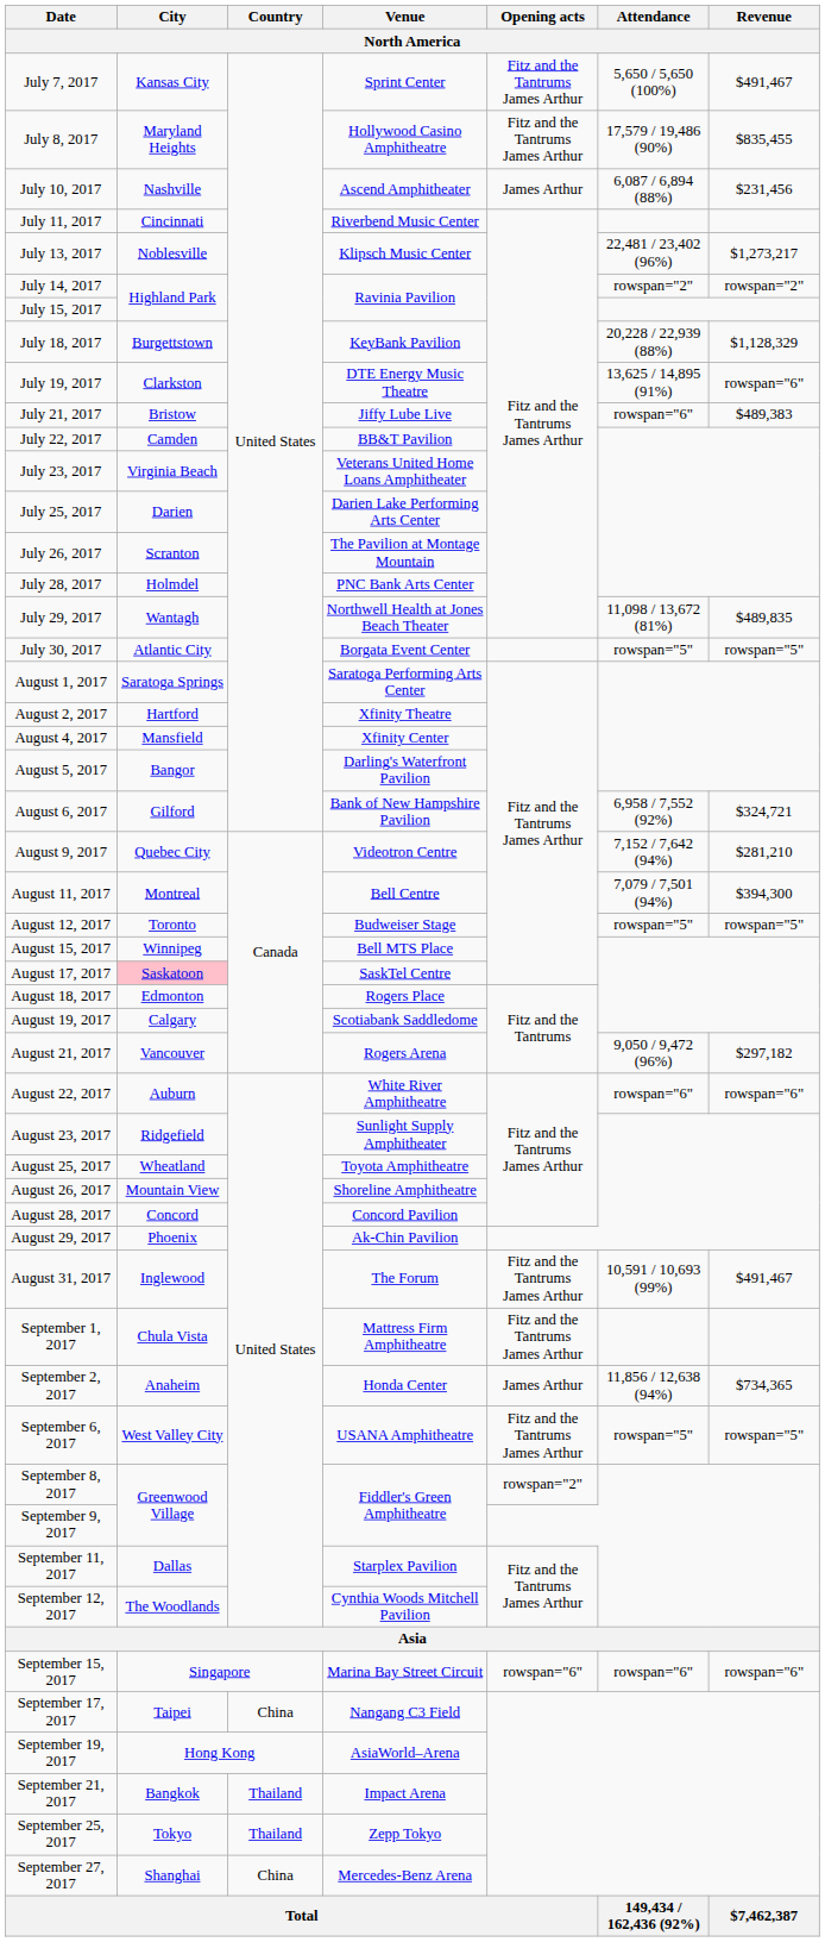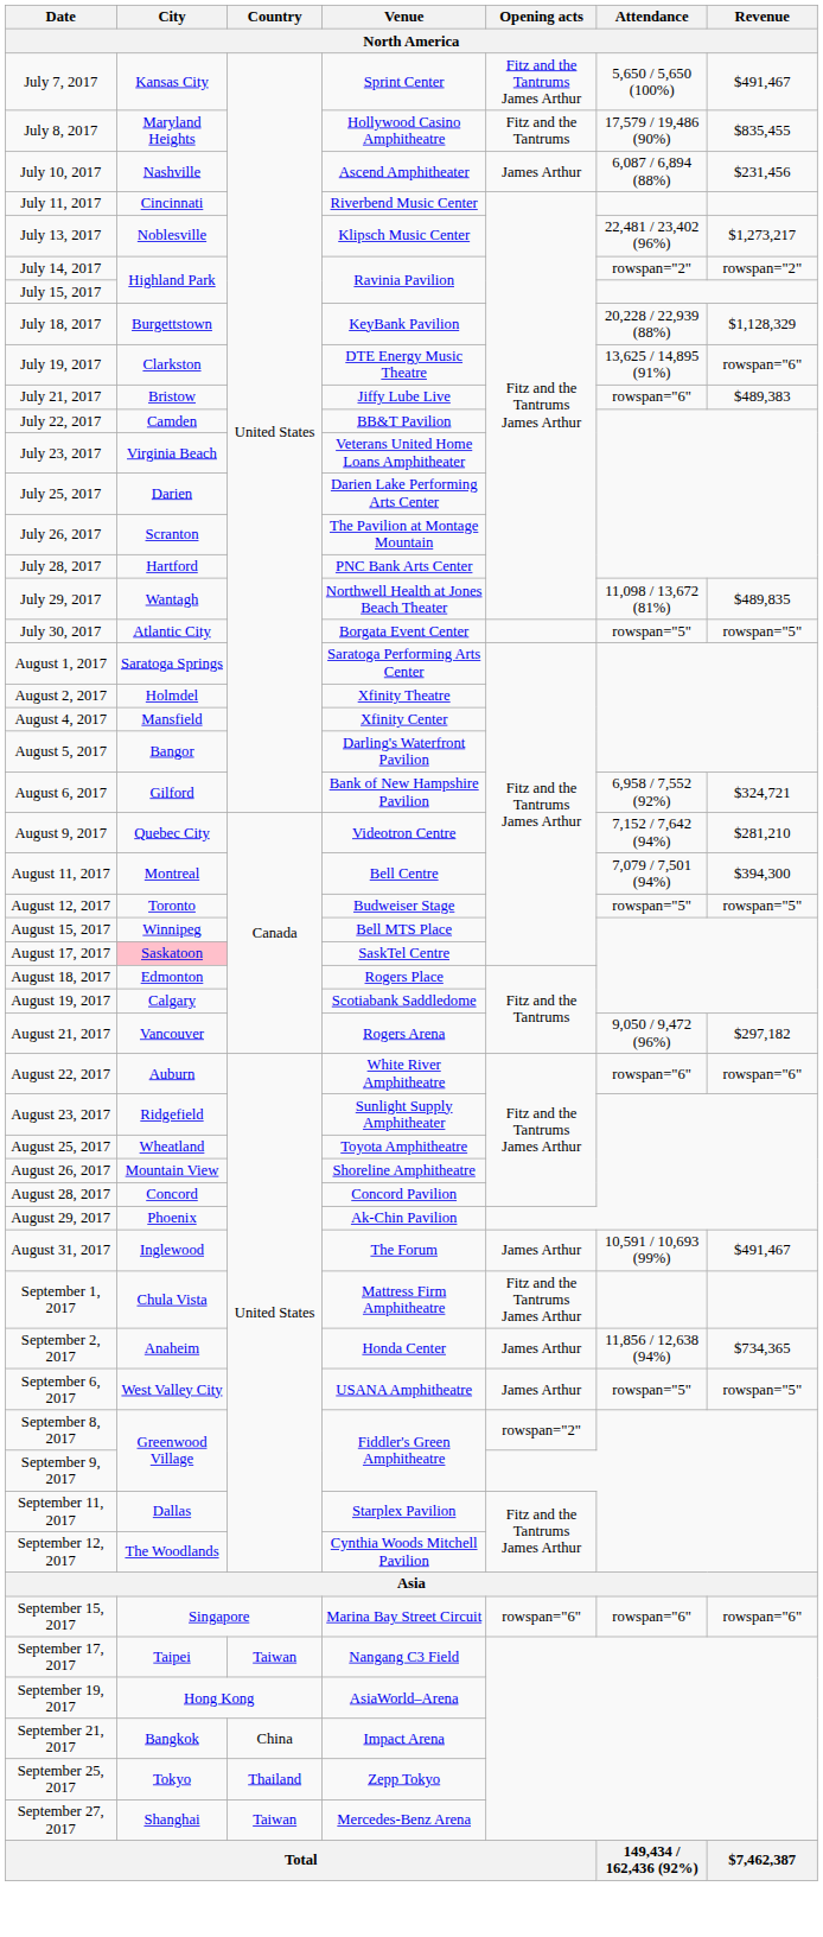 <table class="wikitable" style="text-align:center;">
 <tr>
 <th scope="col" style="width:12em;">Date</th>
 <th scope="col" style="width:10em;">City</th>
 <th scope="col" style="width:10em;">Country</th>
 <th scope="col" style="width:20em;">Venue</th>
 <th scope="col" style="width:10em;">Opening acts</th>
 <th scope="col" style="width:10em;">Attendance</th>
 <th scope="col" style="width:10em;">Revenue</th>
 </tr>
 <tr>
 <th colspan="7">North America</th>
 </tr>
 <tr>
 <td>July 7, 2017</td>
 <td><a href='#'>Kansas City</a></td>
 <td rowspan="22">United States</td>
 <td><a href='#'>Sprint Center</a></td>
 <td><a href='#'>Fitz and the Tantrums</a><br>James Arthur</td>
 <td>5,650 / 5,650 (100%)</td>
 <td>$491,467</td>
 </tr>
 <tr>
 <td>July 8, 2017</td>
 <td><a href='#'>Maryland Heights</a></td>
 <td><a href='#'>Hollywood Casino Amphitheatre</a></td>
-<td>Fitz and the Tantrums<br>James Arthur</td>
+<td>Fitz and the Tantrums</td>
 <td>17,579 / 19,486 (90%)</td>
 <td>$835,455</td>
 </tr>
 <tr>
 <td>July 10, 2017</td>
 <td><a href='#'>Nashville</a></td>
 <td><a href='#'>Ascend Amphitheater</a></td>
 <td>James Arthur</td>
 <td>6,087 / 6,894 (88%)</td>
 <td>$231,456</td>
 </tr>
 <tr>
 <td>July 11, 2017</td>
 <td><a href='#'>Cincinnati</a></td>
 <td><a href='#'>Riverbend Music Center</a></td>
 <td rowspan="13">Fitz and the Tantrums<br>James Arthur</td>
 <td></td>
 <td></td>
 </tr>
 <tr>
 <td>July 13, 2017</td>
 <td><a href='#'>Noblesville</a></td>
 <td><a href='#'>Klipsch Music Center</a></td>
 <td>22,481 / 23,402 (96%)</td>
 <td>$1,273,217</td>
 </tr>
 <tr>
 <td>July 14, 2017</td>
 <td rowspan="2"><a href='#'>Highland Park</a></td>
 <td rowspan="2"><a href='#'>Ravinia Pavilion</a></td>
 <td>rowspan="2" </td>
 <td>rowspan="2" </td>
 </tr>
 <tr>
 <td>July 15, 2017</td>
 </tr>
 <tr>
 <td>July 18, 2017</td>
 <td><a href='#'>Burgettstown</a></td>
 <td><a href='#'>KeyBank Pavilion</a></td>
 <td>20,228 / 22,939 (88%)</td>
 <td>$1,128,329</td>
 </tr>
 <tr>
 <td>July 19, 2017</td>
 <td><a href='#'>Clarkston</a></td>
 <td><a href='#'>DTE Energy Music Theatre</a></td>
 <td>13,625 / 14,895 (91%)</td>
 <td>rowspan="6" </td>
 </tr>
 <tr>
 <td>July 21, 2017</td>
 <td><a href='#'>Bristow</a></td>
 <td><a href='#'>Jiffy Lube Live</a></td>
 <td>rowspan="6" </td>
 <td>$489,383</td>
 </tr>
 <tr>
 <td>July 22, 2017</td>
 <td><a href='#'>Camden</a></td>
 <td><a href='#'>BB&T Pavilion</a></td>
 </tr>
 <tr>
 <td>July 23, 2017</td>
 <td><a href='#'>Virginia Beach</a></td>
 <td><a href='#'>Veterans United Home Loans Amphitheater</a></td>
 </tr>
 <tr>
 <td>July 25, 2017</td>
 <td><a href='#'>Darien</a></td>
 <td><a href='#'>Darien Lake Performing Arts Center</a></td>
 </tr>
 <tr>
 <td>July 26, 2017</td>
 <td><a href='#'>Scranton</a></td>
 <td><a href='#'>The Pavilion at Montage Mountain</a></td>
 </tr>
 <tr>
 <td>July 28, 2017</td>
-<td><a href='#'>Holmdel</a></td>
+<td><a href='#'>Hartford</a></td>
 <td><a href='#'>PNC Bank Arts Center</a></td>
 </tr>
 <tr>
 <td>July 29, 2017</td>
 <td><a href='#'>Wantagh</a></td>
 <td><a href='#'>Northwell Health at Jones Beach Theater</a></td>
 <td>11,098 / 13,672 (81%)</td>
 <td>$489,835</td>
 </tr>
 <tr>
 <td>July 30, 2017</td>
 <td><a href='#'>Atlantic City</a></td>
 <td><a href='#'>Borgata Event Center</a></td>
 <td></td>
 <td>rowspan="5" </td>
 <td>rowspan="5" </td>
 </tr>
 <tr>
 <td>August 1, 2017</td>
 <td><a href='#'>Saratoga Springs</a></td>
 <td><a href='#'>Saratoga Performing Arts Center</a></td>
 <td rowspan="10">Fitz and the Tantrums<br>James Arthur</td>
 </tr>
 <tr>
 <td>August 2, 2017</td>
-<td><a href='#'>Hartford</a></td>
+<td><a href='#'>Holmdel</a></td>
 <td><a href='#'>Xfinity Theatre</a></td>
 </tr>
 <tr>
 <td>August 4, 2017</td>
 <td><a href='#'>Mansfield</a></td>
 <td><a href='#'>Xfinity Center</a></td>
 </tr>
 <tr>
 <td>August 5, 2017</td>
 <td><a href='#'>Bangor</a></td>
 <td><a href='#'>Darling's Waterfront Pavilion</a></td>
 </tr>
 <tr>
 <td>August 6, 2017</td>
 <td><a href='#'>Gilford</a></td>
 <td><a href='#'>Bank of New Hampshire Pavilion</a></td>
 <td>6,958 / 7,552 (92%)</td>
 <td>$324,721</td>
 </tr>
 <tr>
 <td>August 9, 2017</td>
 <td><a href='#'>Quebec City</a></td>
 <td rowspan="8">Canada</td>
 <td><a href='#'>Videotron Centre</a></td>
 <td>7,152 / 7,642 (94%)</td>
 <td>$281,210</td>
 </tr>
 <tr>
 <td>August 11, 2017</td>
 <td><a href='#'>Montreal</a></td>
 <td><a href='#'>Bell Centre</a></td>
 <td>7,079 / 7,501	(94%)</td>
 <td>$394,300</td>
 </tr>
 <tr>
 <td>August 12, 2017</td>
 <td><a href='#'>Toronto</a></td>
 <td><a href='#'>Budweiser Stage</a></td>
 <td>rowspan="5" </td>
 <td>rowspan="5" </td>
 </tr>
 <tr>
 <td>August 15, 2017</td>
 <td><a href='#'>Winnipeg</a></td>
 <td><a href='#'>Bell MTS Place</a></td>
 </tr>
 <tr>
 <td>August 17, 2017</td>
 <td style="background: pink;"><a href='#'>Saskatoon</a></td>
 <td><a href='#'>SaskTel Centre</a></td>
 </tr>
 <tr>
 <td>August 18, 2017</td>
 <td><a href='#'>Edmonton</a></td>
 <td><a href='#'>Rogers Place</a></td>
 <td rowspan="3">Fitz and the Tantrums</td>
 </tr>
 <tr>
 <td>August 19, 2017</td>
 <td><a href='#'>Calgary</a></td>
 <td><a href='#'>Scotiabank Saddledome</a></td>
 </tr>
 <tr>
 <td>August 21, 2017</td>
 <td><a href='#'>Vancouver</a></td>
 <td><a href='#'>Rogers Arena</a></td>
 <td>9,050 / 9,472 (96%)</td>
 <td>$297,182</td>
 </tr>
 <tr>
 <td>August 22, 2017</td>
 <td><a href='#'>Auburn</a></td>
 <td rowspan="14">United States</td>
 <td><a href='#'>White River Amphitheatre</a></td>
 <td rowspan="5">Fitz and the Tantrums<br>James Arthur</td>
 <td>rowspan="6" </td>
 <td>rowspan="6" </td>
 </tr>
 <tr>
 <td>August 23, 2017</td>
 <td><a href='#'>Ridgefield</a></td>
 <td><a href='#'>Sunlight Supply Amphitheater</a></td>
 </tr>
 <tr>
 <td>August 25, 2017</td>
 <td><a href='#'>Wheatland</a></td>
 <td><a href='#'>Toyota Amphitheatre</a></td>
 </tr>
 <tr>
 <td>August 26, 2017</td>
 <td><a href='#'>Mountain View</a></td>
 <td><a href='#'>Shoreline Amphitheatre</a></td>
 </tr>
 <tr>
 <td>August 28, 2017</td>
 <td><a href='#'>Concord</a></td>
 <td><a href='#'>Concord Pavilion</a></td>
 </tr>
 <tr>
 <td>August 29, 2017</td>
 <td><a href='#'>Phoenix</a></td>
 <td><a href='#'>Ak-Chin Pavilion</a></td>
 </tr>
 <tr>
 <td>August 31, 2017</td>
 <td><a href='#'>Inglewood</a></td>
 <td><a href='#'>The Forum</a></td>
-<td>Fitz and the Tantrums<br>James Arthur</td>
+<td>James Arthur</td>
 <td>10,591 / 10,693 (99%)</td>
 <td>$491,467</td>
 </tr>
 <tr>
 <td>September 1, 2017</td>
 <td><a href='#'>Chula Vista</a></td>
 <td><a href='#'>Mattress Firm Amphitheatre</a></td>
 <td>Fitz and the Tantrums<br>James Arthur</td>
 <td></td>
 <td></td>
 </tr>
 <tr>
 <td>September 2, 2017</td>
 <td><a href='#'>Anaheim</a></td>
 <td><a href='#'>Honda Center</a></td>
 <td>James Arthur</td>
 <td>11,856 / 12,638 (94%)</td>
 <td>$734,365</td>
 </tr>
 <tr>
 <td>September 6, 2017</td>
 <td><a href='#'>West Valley City</a></td>
 <td><a href='#'>USANA Amphitheatre</a></td>
-<td>Fitz and the Tantrums<br>James Arthur</td>
+<td>James Arthur</td>
 <td>rowspan="5" </td>
 <td>rowspan="5" </td>
 </tr>
 <tr>
 <td>September 8, 2017</td>
 <td rowspan="2"><a href='#'>Greenwood Village</a></td>
 <td rowspan="2"><a href='#'>Fiddler's Green Amphitheatre</a></td>
 <td>rowspan="2" </td>
 </tr>
 <tr>
 <td>September 9, 2017</td>
 </tr>
 <tr>
 <td>September 11, 2017</td>
 <td><a href='#'>Dallas</a></td>
 <td><a href='#'>Starplex Pavilion</a></td>
 <td rowspan="2">Fitz and the Tantrums<br>James Arthur</td>
 </tr>
 <tr>
 <td>September 12, 2017</td>
 <td><a href='#'>The Woodlands</a></td>
 <td><a href='#'>Cynthia Woods Mitchell Pavilion</a></td>
 </tr>
 <tr>
 <th colspan="7">Asia</th>
 </tr>
 <tr>
 <td>September 15, 2017</td>
 <td colspan="2"><a href='#'>Singapore</a></td>
 <td><a href='#'>Marina Bay Street Circuit</a></td>
 <td>rowspan="6" </td>
 <td>rowspan="6" </td>
 <td>rowspan="6" </td>
 </tr>
 <tr>
 <td>September 17, 2017</td>
 <td><a href='#'>Taipei</a></td>
-<td>China</td>
+<td><a href='#'>Taiwan</a></td>
 <td><a href='#'>Nangang C3 Field</a></td>
 </tr>
 <tr>
 <td>September 19, 2017</td>
 <td colspan="2"><a href='#'>Hong Kong</a></td>
 <td><a href='#'>AsiaWorld–Arena</a></td>
 </tr>
 <tr>
 <td>September 21, 2017</td>
 <td><a href='#'>Bangkok</a></td>
-<td><a href='#'>Thailand</a></td>
+<td>China</td>
 <td><a href='#'>Impact Arena</a></td>
 </tr>
 <tr>
 <td>September 25, 2017</td>
 <td><a href='#'>Tokyo</a></td>
 <td><a href='#'>Thailand</a></td>
 <td><a href='#'>Zepp Tokyo</a></td>
 </tr>
 <tr>
 <td>September 27, 2017</td>
 <td><a href='#'>Shanghai</a></td>
-<td>China</td>
+<td><a href='#'>Taiwan</a></td>
 <td><a href='#'>Mercedes-Benz Arena</a></td>
 </tr>
 <tr>
 <th colspan="5">Total</th>
 <th>149,434 / 162,436 (92%)</th>
 <th>$7,462,387</th>
 </tr>
 </table>
